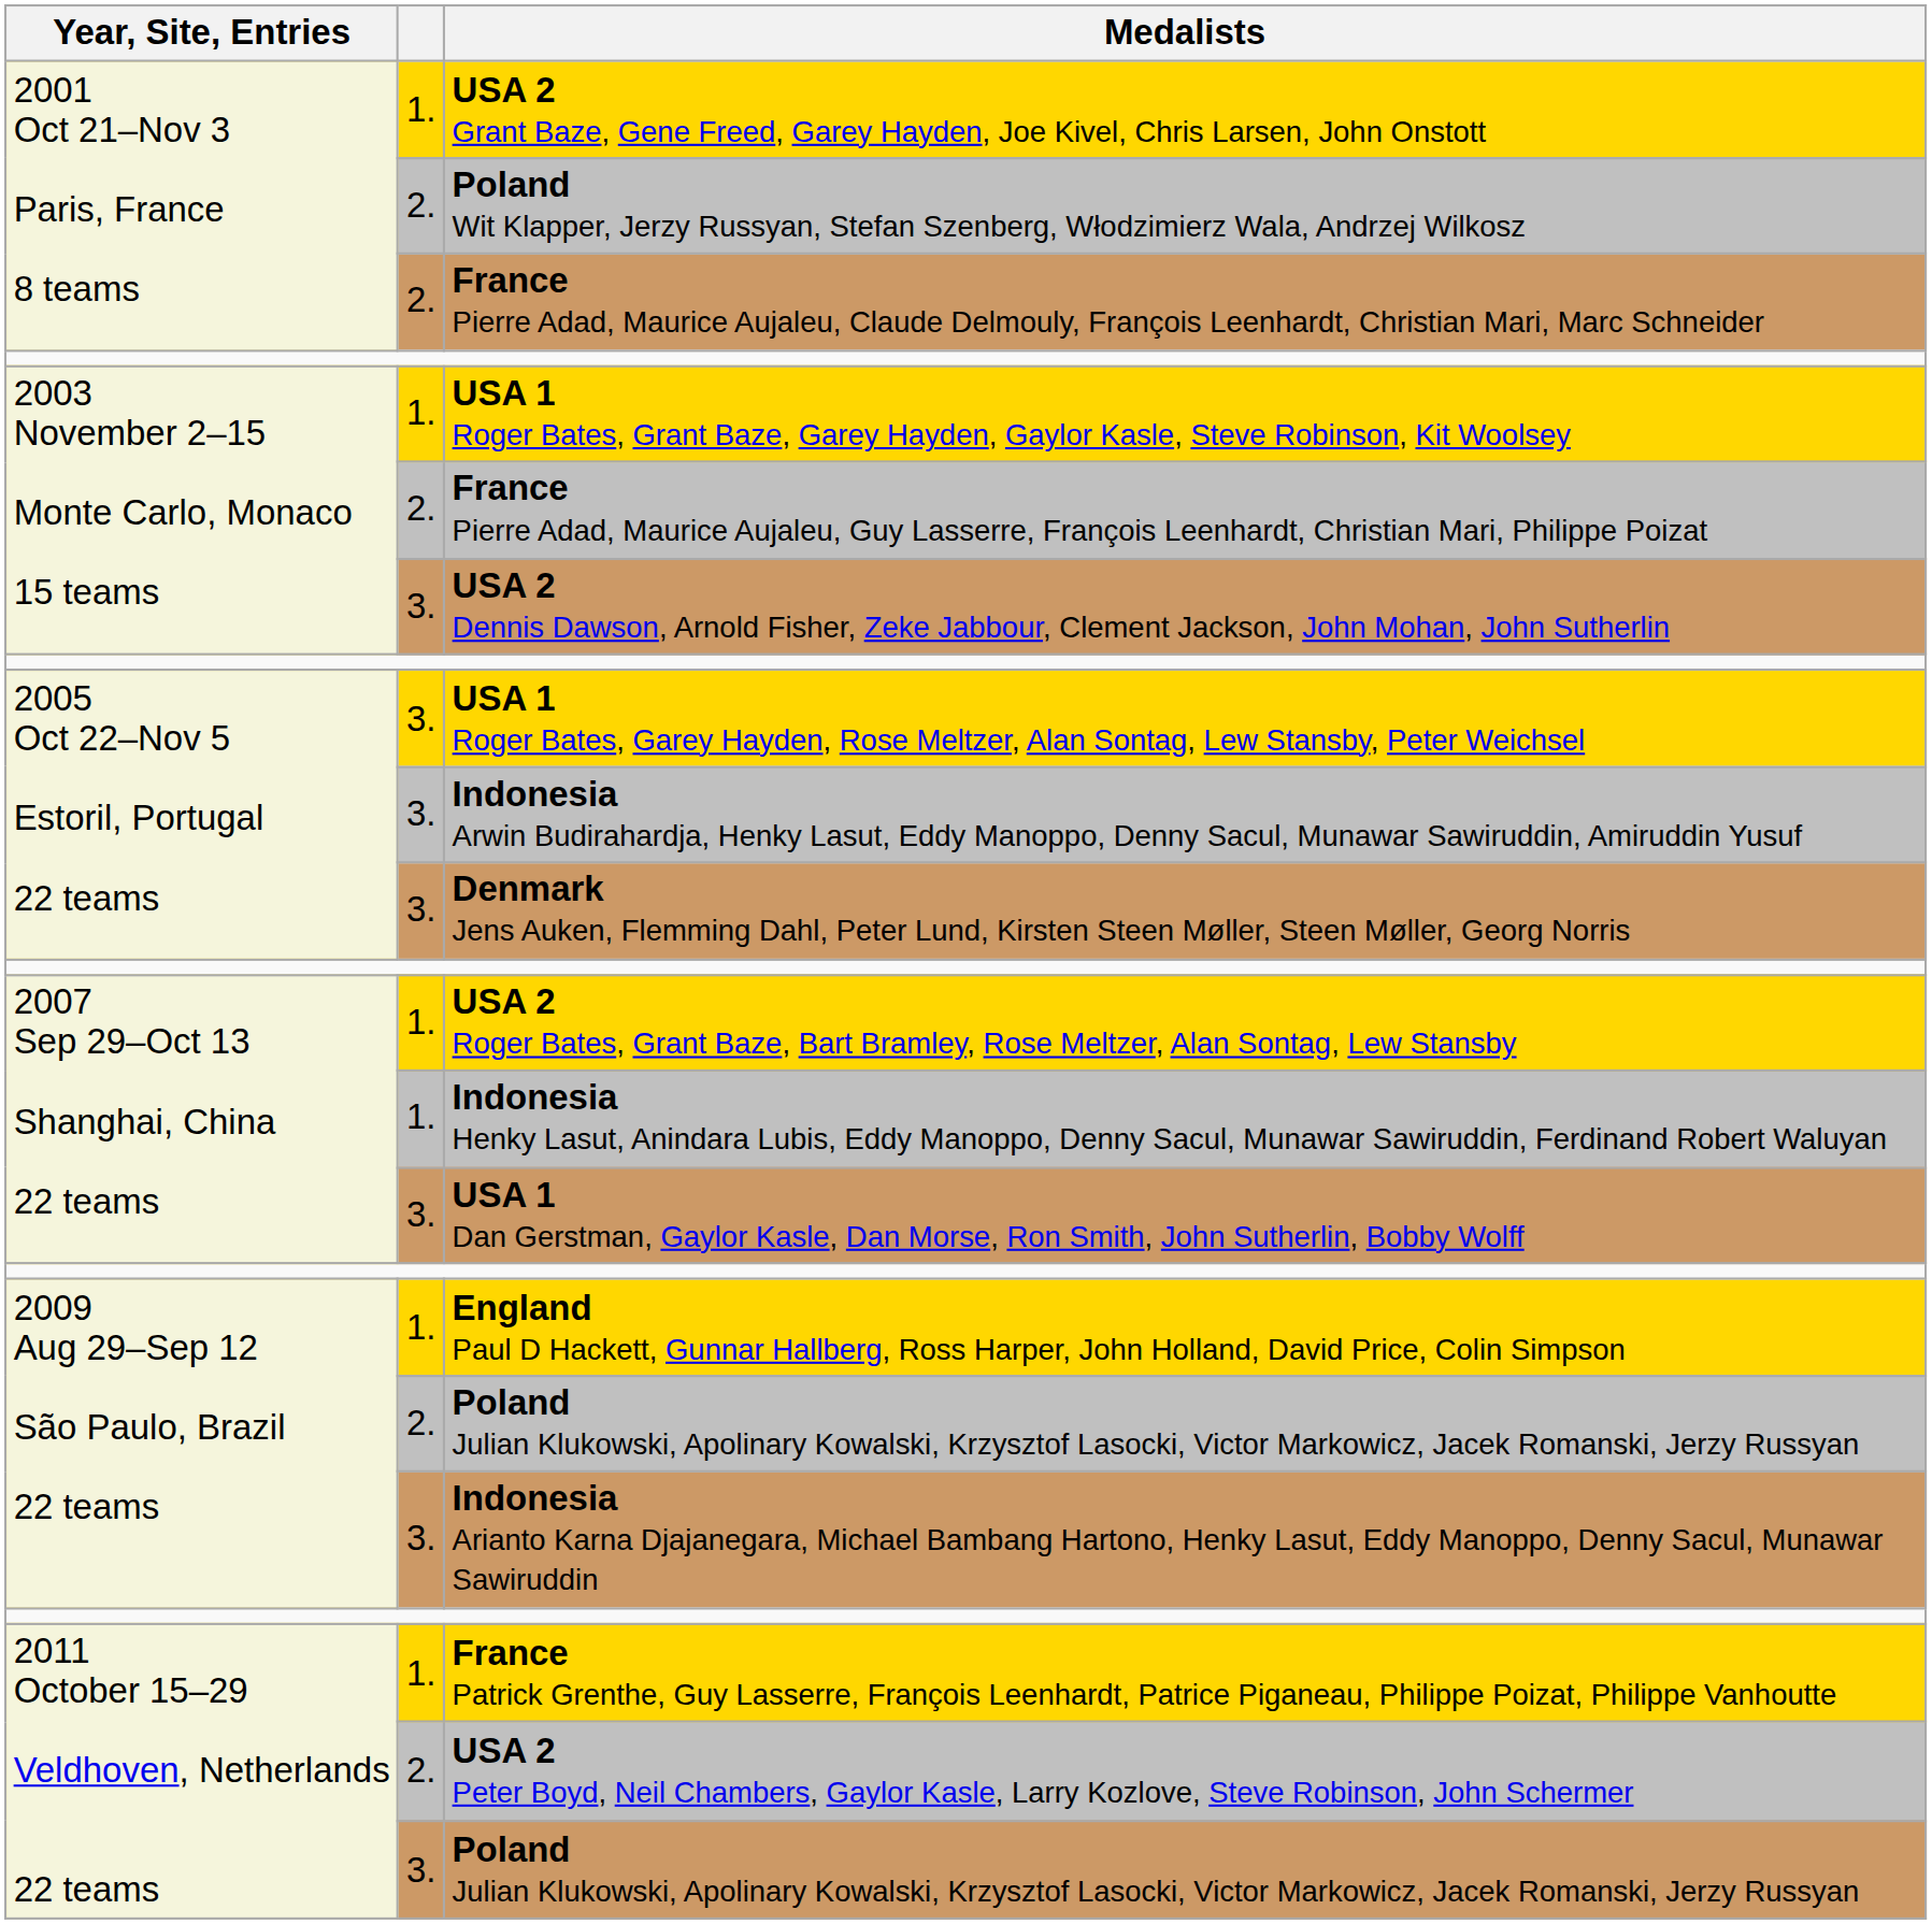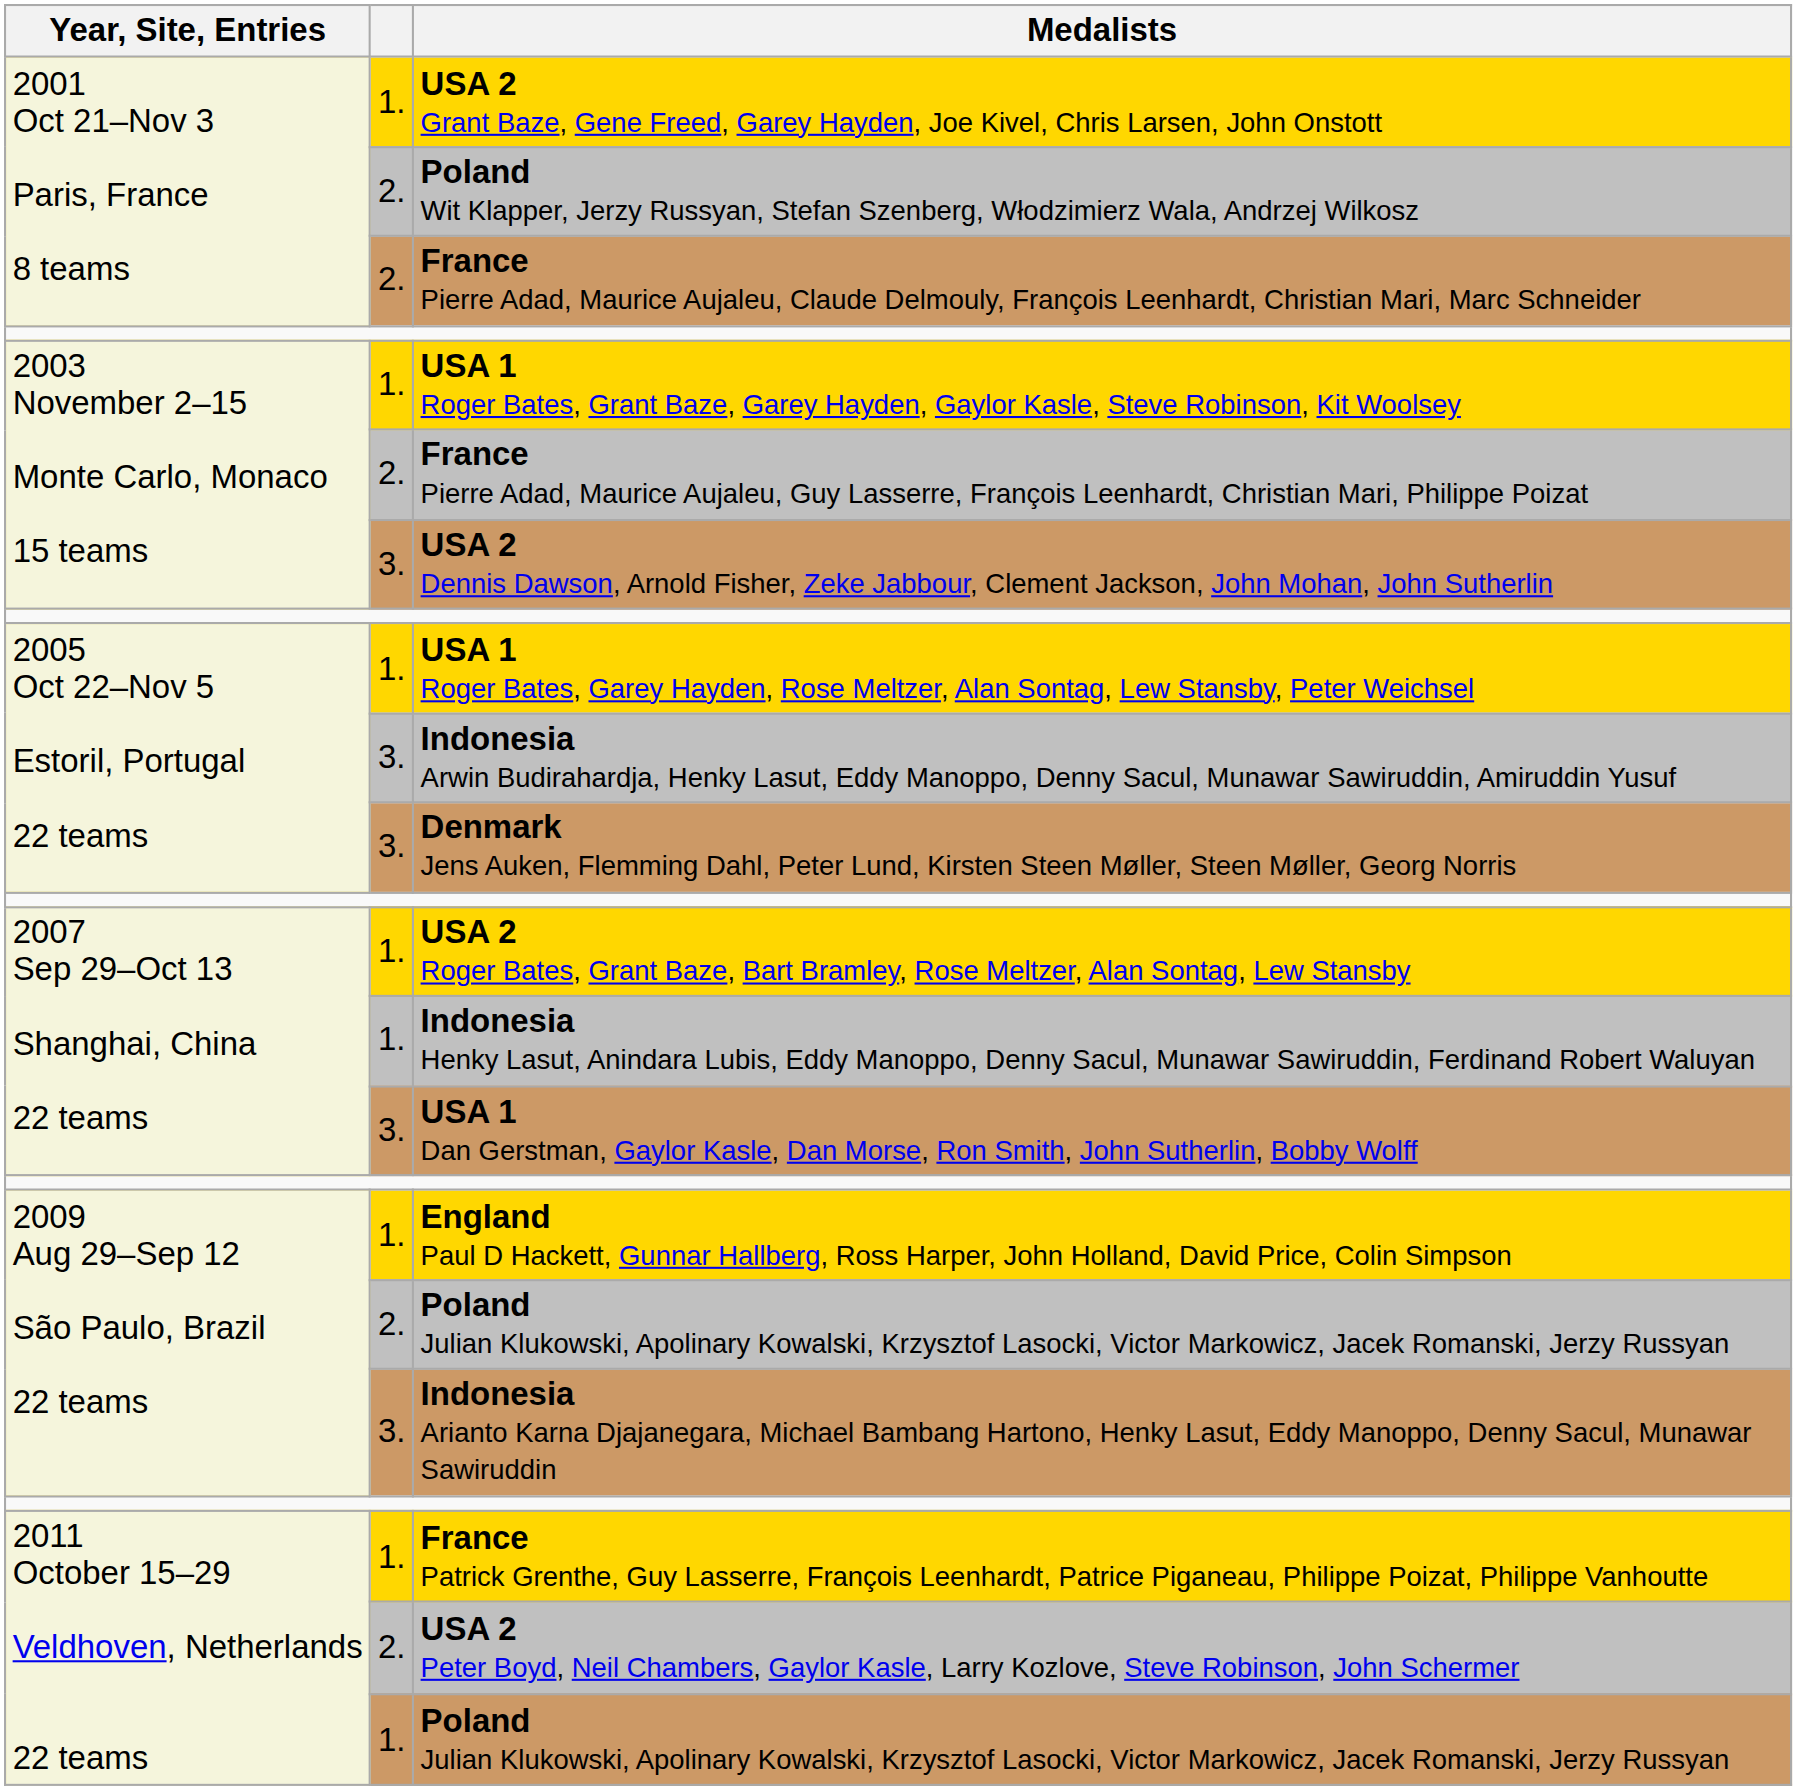 <table class="wikitable">
 <tr>
 <th>Year, Site, Entries</th>
 <th></th>
 <th>Medalists</th>
 </tr>
 <tr bgcolor="gold">
 <td rowspan=3 bgcolor="beige" valign="Top">2001<br>Oct 21–Nov 3 <br> <br>Paris, France <br> <br>8 teams</td>
 <td>1.</td>
 <td> <strong>USA 2</strong> <br><small><a href='#'>Grant Baze</a>, <a href='#'>Gene Freed</a>, <a href='#'>Garey Hayden</a>, Joe Kivel, Chris Larsen, John Onstott</small></td>
 </tr>
 <tr bgcolor="silver">
 <td>2.</td>
 <td> <strong>Poland</strong><br><small>Wit Klapper, Jerzy Russyan, Stefan Szenberg, Włodzimierz Wala, Andrzej Wilkosz</small></td>
 </tr>
 <tr bgcolor="cc9966">
 <td>2.</td>
 <td> <strong>France</strong><br><small>Pierre Adad, Maurice Aujaleu, Claude Delmouly, François Leenhardt, Christian Mari, Marc Schneider</small></td>
 </tr>
 <tr>
 <td colspan=3></td>
 </tr>
 <tr bgcolor="gold">
 <td rowspan=3 bgcolor="beige" valign="Top">2003<br>November 2–15 <br> <br>Monte Carlo, Monaco <br> <br>15 teams</td>
 <td>1.</td>
 <td> <strong>USA 1</strong> <br><small><a href='#'>Roger Bates</a>, <a href='#'>Grant Baze</a>, <a href='#'>Garey Hayden</a>, <a href='#'>Gaylor Kasle</a>, <a href='#'>Steve Robinson</a>, <a href='#'>Kit Woolsey</a></small></td>
 </tr>
 <tr bgcolor="silver">
 <td>2.</td>
 <td> <strong>France</strong><br><small>Pierre Adad, Maurice Aujaleu, Guy Lasserre, François Leenhardt, Christian Mari, Philippe Poizat</small></td>
 </tr>
 <tr bgcolor="cc9966">
 <td>3.</td>
 <td> <strong>USA 2</strong> <br><small><a href='#'>Dennis Dawson</a>, Arnold Fisher, <a href='#'>Zeke Jabbour</a>, Clement Jackson, <a href='#'>John Mohan</a>, <a href='#'>John Sutherlin</a></small></td>
 </tr>
 <tr>
 <td colspan=3></td>
 </tr>
 <tr bgcolor="gold">
 <td rowspan=3 bgcolor="beige" valign="Top">2005<br>Oct 22–Nov 5 <br> <br>Estoril, Portugal <br> <br>22 teams</td>
-<td>3.</td>
+<td>1.</td>
 <td> <strong>USA 1</strong> <br><small><a href='#'>Roger Bates</a>, <a href='#'>Garey Hayden</a>, <a href='#'>Rose Meltzer</a>, <a href='#'>Alan Sontag</a>, <a href='#'>Lew Stansby</a>, <a href='#'>Peter Weichsel</a></small></td>
 </tr>
 <tr bgcolor="silver">
 <td>3.</td>
 <td> <strong>Indonesia</strong><br><small>Arwin Budirahardja, Henky Lasut, Eddy Manoppo, Denny Sacul, Munawar Sawiruddin, Amiruddin Yusuf</small></td>
 </tr>
 <tr bgcolor="cc9966">
 <td>3.</td>
 <td> <strong>Denmark</strong><br><small>Jens Auken, Flemming Dahl, Peter Lund, Kirsten Steen Møller, Steen Møller, Georg Norris</small></td>
 </tr>
 <tr>
 <td colspan=3></td>
 </tr>
 <tr bgcolor="gold">
 <td rowspan=3 bgcolor="beige" valign="Top">2007<br>Sep 29–Oct 13 <br> <br>Shanghai, China <br> <br>22 teams</td>
 <td>1.</td>
 <td> <strong>USA 2</strong> <br><small><a href='#'>Roger Bates</a>, <a href='#'>Grant Baze</a>, <a href='#'>Bart Bramley</a>, <a href='#'>Rose Meltzer</a>, <a href='#'>Alan Sontag</a>, <a href='#'>Lew Stansby</a></small></td>
 </tr>
 <tr bgcolor="silver">
 <td>1.</td>
 <td> <strong>Indonesia</strong><br><small>Henky Lasut, Anindara Lubis, Eddy Manoppo, Denny Sacul, Munawar Sawiruddin, Ferdinand Robert Waluyan</small></td>
 </tr>
 <tr bgcolor="cc9966">
 <td>3.</td>
 <td> <strong>USA 1</strong> <br><small>Dan Gerstman, <a href='#'>Gaylor Kasle</a>, <a href='#'>Dan Morse</a>, <a href='#'>Ron Smith</a>, <a href='#'>John Sutherlin</a>, <a href='#'>Bobby Wolff</a></small></td>
 </tr>
 <tr>
 <td colspan=3></td>
 </tr>
 <tr bgcolor="gold">
 <td rowspan=3 bgcolor="beige" valign="Top">2009<br>Aug 29–Sep 12 <br> <br>São Paulo, Brazil <br> <br>22 teams</td>
 <td>1.</td>
 <td> <strong>England</strong><br><small>Paul D Hackett, <a href='#'>Gunnar Hallberg</a>, Ross Harper, John Holland, David Price, Colin Simpson</small></td>
 </tr>
 <tr bgcolor="silver">
 <td>2.</td>
 <td> <strong>Poland</strong><br><small>Julian Klukowski, Apolinary Kowalski, Krzysztof Lasocki, Victor Markowicz, Jacek Romanski, Jerzy Russyan</small></td>
 </tr>
 <tr bgcolor="cc9966">
 <td>3.</td>
 <td> <strong>Indonesia</strong><br><small>Arianto Karna Djajanegara, Michael Bambang Hartono, Henky Lasut, Eddy Manoppo, Denny Sacul, Munawar Sawiruddin  </small></td>
 </tr>
 <tr>
 <td colspan=3></td>
 </tr>
 <tr bgcolor="gold">
 <td rowspan=3 bgcolor="beige" valign="Top">2011<br>October 15–29 <br> <br><a href='#'>Veldhoven</a>, Netherlands   <br> <br>22 teams</td>
 <td>1.</td>
 <td> <strong>France</strong> <br><small>Patrick Grenthe, Guy Lasserre, François Leenhardt, Patrice Piganeau, Philippe Poizat, Philippe Vanhoutte</small></td>
 </tr>
 <tr bgcolor="silver">
 <td>2.</td>
 <td> <strong>USA 2</strong> <br><small><a href='#'>Peter Boyd</a>, <a href='#'>Neil Chambers</a>, <a href='#'>Gaylor Kasle</a>, Larry Kozlove, <a href='#'>Steve Robinson</a>, <a href='#'>John Schermer</a></small></td>
 </tr>
 <tr bgcolor="cc9966">
-<td>3.</td>
+<td>1.</td>
 <td> <strong>Poland</strong> <br><small>Julian Klukowski, Apolinary Kowalski, Krzysztof Lasocki, Victor Markowicz, Jacek Romanski, Jerzy Russyan</small></td>
 </tr>
 </table>
